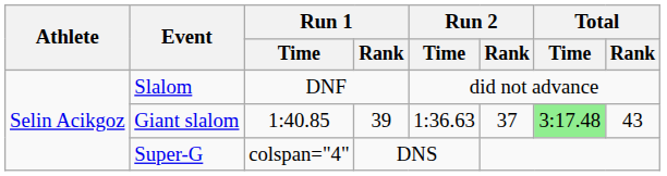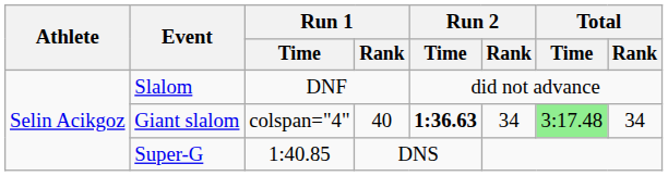 <table class="wikitable" style="font-size:90%">
 <tr>
 <th rowspan=2>Athlete</th>
 <th rowspan=2>Event</th>
 <th colspan=2>Run 1</th>
 <th colspan=2>Run 2</th>
 <th colspan=2>Total</th>
 </tr>
 <tr style="font-size:95%">
 <th>Time</th>
 <th>Rank</th>
 <th>Time</th>
 <th>Rank</th>
 <th>Time</th>
 <th>Rank</th>
 </tr>
 <tr align=center>
 <td align="left" rowspan="3"><a href='#'>Selin Acikgoz</a></td>
 <td align="left"><a href='#'>Slalom</a></td>
 <td colspan=2>DNF</td>
 <td colspan=4>did not advance</td>
 </tr>
 <tr align=center>
 <td align="left"><a href='#'>Giant slalom</a></td>
-<td>1:40.85</td>
-<td>39</td>
-<td>1:36.63</td>
-<td>37</td>
+<td>colspan="4" </td>
+<td>40</td>
+<td><strong>1:36.63</strong></td>
+<td>34</td>
 <td style="background: lightgreen;">3:17.48</td>
-<td>43</td>
+<td>34</td>
 </tr>
 <tr align=center>
 <td align="left"><a href='#'>Super-G</a></td>
-<td>colspan="4" </td>
+<td>1:40.85</td>
 <td colspan=2>DNS</td>
 </tr>
 </table>
